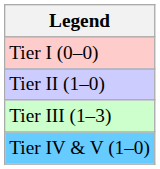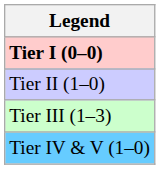 <table class=wikitable style=font-size:90%; width:13%;>
 <tr>
 <th>Legend</th>
 </tr>
 <tr>
-<td style="background:#fcc;">Tier I (0–0)</td>
+<td style="background:#fcc;"><strong>Tier I (0–0)</strong></td>
 </tr>
 <tr>
 <td style="background:#ccf;">Tier II (1–0)</td>
 </tr>
 <tr>
 <td style="background:#cfc;">Tier III (1–3)</td>
 </tr>
 <tr>
 <td style="background:#6cf;">Tier IV & V (1–0)</td>
 </tr>
 </table>
